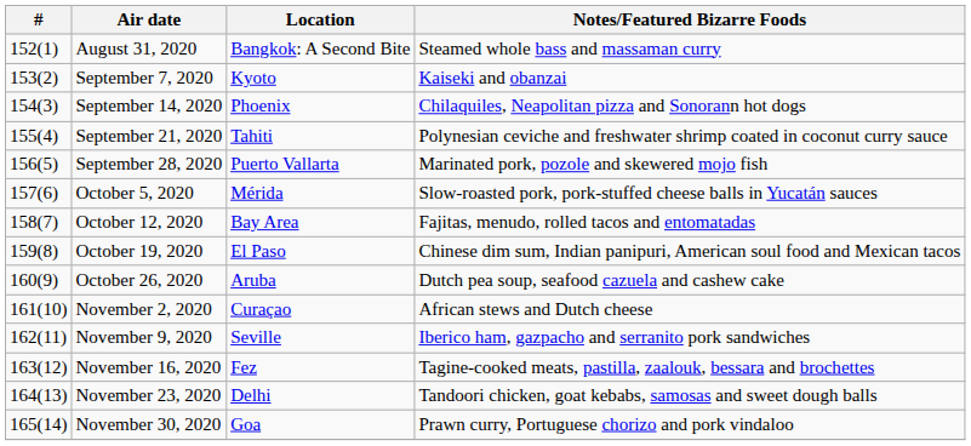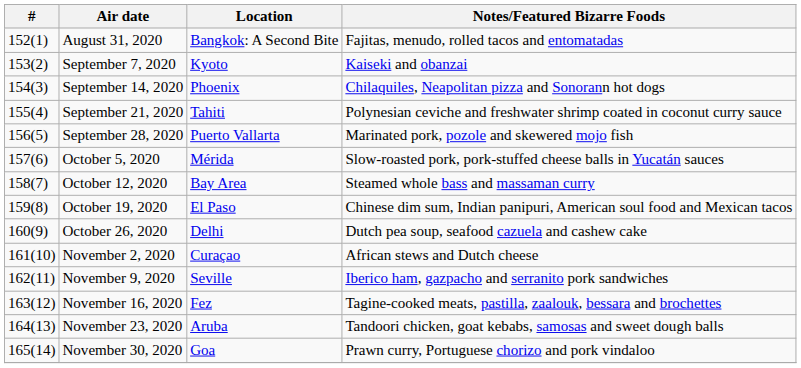 <table class="wikitable">
 <tr style="background:#EFEFEF">
 <th>#</th>
 <th>Air date</th>
 <th>Location</th>
 <th>Notes/Featured Bizarre Foods</th>
 </tr>
 <tr>
 <td>152(1)</td>
 <td>August 31, 2020</td>
 <td><a href='#'>Bangkok</a>: A Second Bite</td>
-<td>Steamed whole <a href='#'>bass</a> and <a href='#'>massaman curry</a></td>
+<td>Fajitas, menudo, rolled tacos and <a href='#'>entomatadas</a></td>
 </tr>
 <tr>
 <td>153(2)</td>
 <td>September 7, 2020</td>
 <td><a href='#'>Kyoto</a></td>
 <td><a href='#'>Kaiseki</a> and <a href='#'>obanzai</a></td>
 </tr>
 <tr>
 <td>154(3)</td>
 <td>September 14, 2020</td>
 <td><a href='#'>Phoenix</a></td>
 <td><a href='#'>Chilaquiles</a>, <a href='#'>Neapolitan pizza</a> and <a href='#'>Sonoran</a>n hot dogs</td>
 </tr>
 <tr>
 <td>155(4)</td>
 <td>September 21, 2020</td>
 <td><a href='#'>Tahiti</a></td>
 <td>Polynesian ceviche and freshwater shrimp coated in coconut curry sauce</td>
 </tr>
 <tr>
 <td>156(5)</td>
 <td>September 28, 2020</td>
 <td><a href='#'>Puerto Vallarta</a></td>
 <td>Marinated pork, <a href='#'>pozole</a> and skewered <a href='#'>mojo</a> fish</td>
 </tr>
 <tr>
 <td>157(6)</td>
 <td>October 5, 2020</td>
 <td><a href='#'>Mérida</a></td>
 <td>Slow-roasted pork, pork-stuffed cheese balls in <a href='#'>Yucatán</a> sauces</td>
 </tr>
 <tr>
 <td>158(7)</td>
 <td>October 12, 2020</td>
 <td><a href='#'>Bay Area</a></td>
-<td>Fajitas, menudo, rolled tacos and <a href='#'>entomatadas</a></td>
+<td>Steamed whole <a href='#'>bass</a> and <a href='#'>massaman curry</a></td>
 </tr>
 <tr>
 <td>159(8)</td>
 <td>October 19, 2020</td>
 <td><a href='#'>El Paso</a></td>
 <td>Chinese dim sum, Indian panipuri, American soul food and Mexican tacos</td>
 </tr>
 <tr>
 <td>160(9)</td>
 <td>October 26, 2020</td>
-<td><a href='#'>Aruba</a></td>
+<td><a href='#'>Delhi</a></td>
 <td>Dutch pea soup, seafood <a href='#'>cazuela</a> and cashew cake</td>
 </tr>
 <tr>
 <td>161(10)</td>
 <td>November 2, 2020</td>
 <td><a href='#'>Curaçao</a></td>
 <td>African stews and Dutch cheese</td>
 </tr>
 <tr>
 <td>162(11)</td>
 <td>November 9, 2020</td>
 <td><a href='#'>Seville</a></td>
 <td><a href='#'>Iberico ham</a>, <a href='#'>gazpacho</a> and <a href='#'>serranito</a> pork sandwiches</td>
 </tr>
 <tr>
 <td>163(12)</td>
 <td>November 16, 2020</td>
 <td><a href='#'>Fez</a></td>
 <td>Tagine-cooked meats, <a href='#'>pastilla</a>, <a href='#'>zaalouk</a>, <a href='#'>bessara</a> and <a href='#'>brochettes</a></td>
 </tr>
 <tr>
 <td>164(13)</td>
 <td>November 23, 2020</td>
-<td><a href='#'>Delhi</a></td>
+<td><a href='#'>Aruba</a></td>
 <td>Tandoori chicken, goat kebabs, <a href='#'>samosas</a> and sweet dough balls</td>
 </tr>
 <tr>
 <td>165(14)</td>
 <td>November 30, 2020</td>
 <td><a href='#'>Goa</a></td>
 <td>Prawn curry, Portuguese <a href='#'>chorizo</a> and pork vindaloo</td>
 </tr>
 <tr>
 </tr>
 </table>
